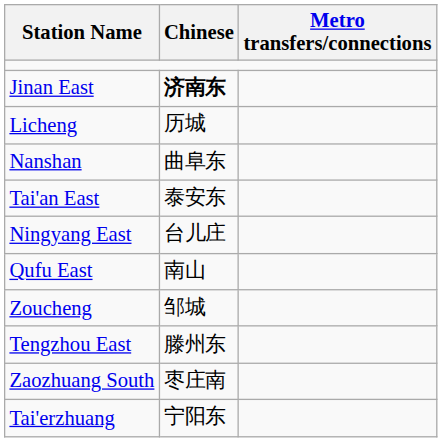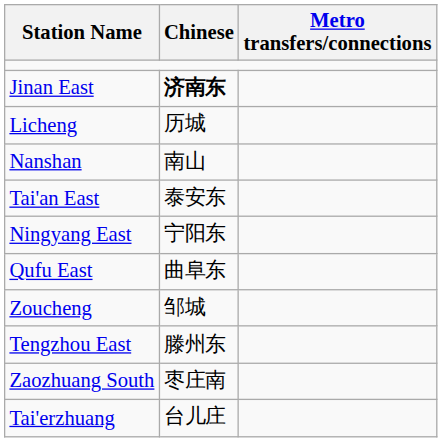 <table class="wikitable">
 <tr>
 <th>Station Name</th>
 <th>Chinese<br></th>
 <th><a href='#'>Metro</a><br>transfers/connections<br> </th>
 </tr>
 <tr style="background:#">
 <td colspan = "11"></td>
 </tr>
 <tr>
 <td><a href='#'>Jinan East</a></td>
 <td><strong>济南东</strong></td>
 <td> </td>
 </tr>
 <tr>
 <td><a href='#'>Licheng</a></td>
 <td>历城</td>
 <td></td>
 </tr>
 <tr>
 <td><a href='#'>Nanshan</a></td>
-<td>曲阜东</td>
+<td>南山</td>
 <td></td>
 </tr>
 <tr>
 <td><a href='#'>Tai'an East</a></td>
 <td>泰安东</td>
 <td></td>
 </tr>
 <tr>
 <td><a href='#'>Ningyang East</a></td>
-<td>台儿庄</td>
+<td>宁阳东</td>
 <td></td>
 </tr>
 <tr>
 <td><a href='#'>Qufu East</a></td>
-<td>南山</td>
+<td>曲阜东</td>
 <td></td>
 </tr>
 <tr>
 <td><a href='#'>Zoucheng</a></td>
 <td>邹城</td>
 <td></td>
 </tr>
 <tr>
 <td><a href='#'>Tengzhou East</a></td>
 <td>滕州东</td>
 <td></td>
 </tr>
 <tr>
 <td><a href='#'>Zaozhuang South</a></td>
 <td>枣庄南</td>
 <td></td>
 </tr>
 <tr>
 <td><a href='#'>Tai'erzhuang</a></td>
-<td>宁阳东</td>
+<td>台儿庄</td>
 <td></td>
 </tr>
 </table>
